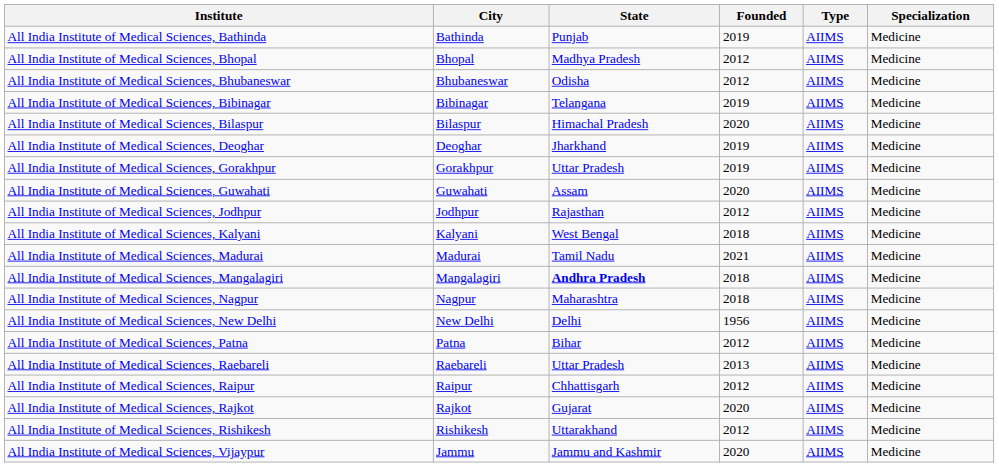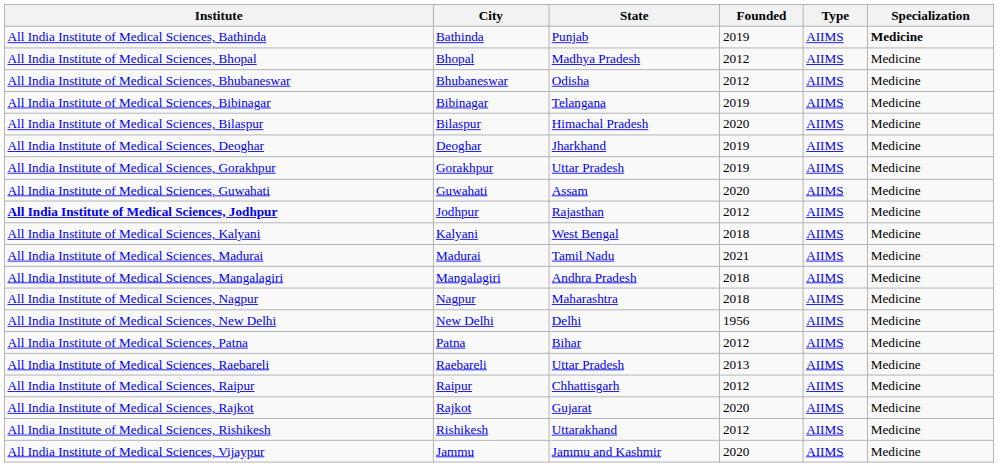 <table class="wikitable sortable" style="width:90%; font-size:95%">
 <tr align=center>
 <th>Institute</th>
 <th>City</th>
 <th>State</th>
 <th>Founded</th>
 <th>Type</th>
 <th>Specialization</th>
 </tr>
 <tr>
 <td><a href='#'>All India Institute of Medical Sciences, Bathinda</a></td>
 <td><a href='#'>Bathinda</a></td>
 <td><a href='#'>Punjab</a></td>
 <td>2019</td>
 <td><a href='#'>AIIMS</a></td>
-<td>Medicine</td>
+<td><strong>Medicine</strong></td>
 </tr>
 <tr>
 <td><a href='#'>All India Institute of Medical Sciences, Bhopal</a></td>
 <td><a href='#'>Bhopal</a></td>
 <td><a href='#'>Madhya Pradesh</a></td>
 <td>2012</td>
 <td><a href='#'>AIIMS</a></td>
 <td>Medicine</td>
 </tr>
 <tr>
 <td><a href='#'>All India Institute of Medical Sciences, Bhubaneswar</a></td>
 <td><a href='#'>Bhubaneswar</a></td>
 <td><a href='#'>Odisha</a></td>
 <td>2012</td>
 <td><a href='#'>AIIMS</a></td>
 <td>Medicine</td>
 </tr>
 <tr>
 <td><a href='#'>All India Institute of Medical Sciences, Bibinagar</a></td>
 <td><a href='#'>Bibinagar</a></td>
 <td><a href='#'>Telangana</a></td>
 <td>2019</td>
 <td><a href='#'>AIIMS</a></td>
 <td>Medicine</td>
 </tr>
 <tr>
 <td><a href='#'>All India Institute of Medical Sciences, Bilaspur</a></td>
 <td><a href='#'>Bilaspur</a></td>
 <td><a href='#'>Himachal Pradesh</a></td>
 <td>2020</td>
 <td><a href='#'>AIIMS</a></td>
 <td>Medicine</td>
 </tr>
 <tr>
 <td><a href='#'>All India Institute of Medical Sciences, Deoghar</a></td>
 <td><a href='#'>Deoghar</a></td>
 <td><a href='#'>Jharkhand</a></td>
 <td>2019</td>
 <td><a href='#'>AIIMS</a></td>
 <td>Medicine</td>
 </tr>
 <tr>
 <td><a href='#'>All India Institute of Medical Sciences, Gorakhpur</a></td>
 <td><a href='#'>Gorakhpur</a></td>
 <td><a href='#'>Uttar Pradesh</a></td>
 <td>2019</td>
 <td><a href='#'>AIIMS</a></td>
 <td>Medicine</td>
 </tr>
 <tr>
 <td><a href='#'>All India Institute of Medical Sciences, Guwahati</a></td>
 <td><a href='#'>Guwahati</a></td>
 <td><a href='#'>Assam</a></td>
 <td>2020</td>
 <td><a href='#'>AIIMS</a></td>
 <td>Medicine</td>
 </tr>
 <tr>
-<td><a href='#'>All India Institute of Medical Sciences, Jodhpur</a></td>
+<td><strong><a href='#'>All India Institute of Medical Sciences, Jodhpur</a></strong></td>
 <td><a href='#'>Jodhpur</a></td>
 <td><a href='#'>Rajasthan</a></td>
 <td>2012</td>
 <td><a href='#'>AIIMS</a></td>
 <td>Medicine</td>
 </tr>
 <tr>
 <td><a href='#'>All India Institute of Medical Sciences, Kalyani</a></td>
 <td><a href='#'>Kalyani</a></td>
 <td><a href='#'>West Bengal</a></td>
 <td>2018</td>
 <td><a href='#'>AIIMS</a></td>
 <td>Medicine</td>
 </tr>
 <tr>
 <td><a href='#'>All India Institute of Medical Sciences, Madurai</a></td>
 <td><a href='#'>Madurai</a></td>
 <td><a href='#'>Tamil Nadu</a></td>
 <td>2021</td>
 <td><a href='#'>AIIMS</a></td>
 <td>Medicine</td>
 </tr>
 <tr>
 <td><a href='#'>All India Institute of Medical Sciences, Mangalagiri</a></td>
 <td><a href='#'>Mangalagiri</a></td>
-<td><strong><a href='#'>Andhra Pradesh</a></strong></td>
+<td><a href='#'>Andhra Pradesh</a></td>
 <td>2018</td>
 <td><a href='#'>AIIMS</a></td>
 <td>Medicine</td>
 </tr>
 <tr>
 <td><a href='#'>All India Institute of Medical Sciences, Nagpur</a></td>
 <td><a href='#'>Nagpur</a></td>
 <td><a href='#'>Maharashtra</a></td>
 <td>2018</td>
 <td><a href='#'>AIIMS</a></td>
 <td>Medicine</td>
 </tr>
 <tr>
 <td><a href='#'>All India Institute of Medical Sciences, New Delhi</a></td>
 <td><a href='#'>New Delhi</a></td>
 <td><a href='#'>Delhi</a></td>
 <td>1956</td>
 <td><a href='#'>AIIMS</a></td>
 <td>Medicine</td>
 </tr>
 <tr>
 <td><a href='#'>All India Institute of Medical Sciences, Patna</a></td>
 <td><a href='#'>Patna</a></td>
 <td><a href='#'>Bihar</a></td>
 <td>2012</td>
 <td><a href='#'>AIIMS</a></td>
 <td>Medicine</td>
 </tr>
 <tr>
 <td><a href='#'>All India Institute of Medical Sciences, Raebareli</a></td>
 <td><a href='#'>Raebareli</a></td>
 <td><a href='#'>Uttar Pradesh</a></td>
 <td>2013</td>
 <td><a href='#'>AIIMS</a></td>
 <td>Medicine</td>
 </tr>
 <tr>
 <td><a href='#'>All India Institute of Medical Sciences, Raipur</a></td>
 <td><a href='#'>Raipur</a></td>
 <td><a href='#'>Chhattisgarh</a></td>
 <td>2012</td>
 <td><a href='#'>AIIMS</a></td>
 <td>Medicine</td>
 </tr>
 <tr>
 <td><a href='#'>All India Institute of Medical Sciences, Rajkot</a></td>
 <td><a href='#'>Rajkot</a></td>
 <td><a href='#'>Gujarat</a></td>
 <td>2020</td>
 <td><a href='#'>AIIMS</a></td>
 <td>Medicine</td>
 </tr>
 <tr>
 <td><a href='#'>All India Institute of Medical Sciences, Rishikesh</a></td>
 <td><a href='#'>Rishikesh</a></td>
 <td><a href='#'>Uttarakhand</a></td>
 <td>2012</td>
 <td><a href='#'>AIIMS</a></td>
 <td>Medicine</td>
 </tr>
 <tr>
 <td><a href='#'>All India Institute of Medical Sciences, Vijaypur</a></td>
 <td><a href='#'>Jammu</a></td>
 <td><a href='#'>Jammu and Kashmir</a></td>
 <td>2020</td>
 <td><a href='#'>AIIMS</a></td>
 <td>Medicine</td>
 </tr>
 </table>
